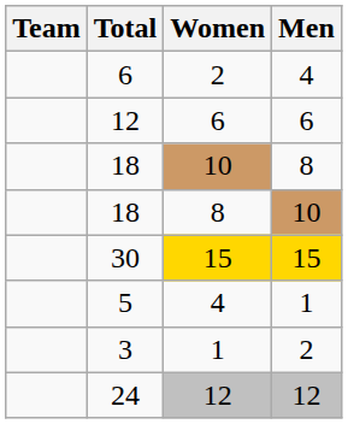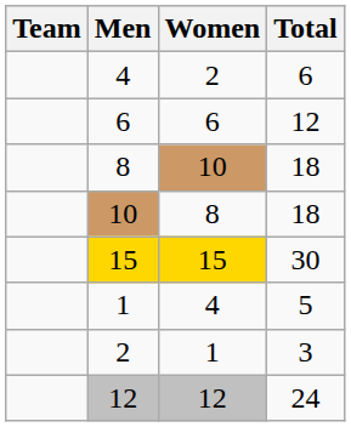 <table class="wikitable sortable" style="text-align:center">
 <tr>
 <th>Team</th>
+<th>Men</th>
+<th>Women</th>
 <th>Total</th>
-<th>Women</th>
-<th>Men</th>
+</tr>
+<tr>
+<td align=left></td>
+<td>4</td>
+<td>2</td>
+<td>6</td>
 </tr>
 <tr>
 <td align=left></td>
 <td>6</td>
-<td>2</td>
-<td>4</td>
+<td>6</td>
+<td>12</td>
 </tr>
 <tr>
 <td align=left></td>
-<td>12</td>
-<td>6</td>
-<td>6</td>
+<td>8</td>
+<td bgcolor=#CC9966>10</td>
+<td>18</td>
 </tr>
 <tr>
 <td align=left></td>
-<td>18</td>
 <td bgcolor=#CC9966>10</td>
 <td>8</td>
+<td>18</td>
 </tr>
 <tr>
 <td align=left></td>
-<td>18</td>
-<td>8</td>
-<td bgcolor=#CC9966>10</td>
+<td bgcolor=gold>15</td>
+<td bgcolor=gold>15</td>
+<td>30</td>
 </tr>
 <tr>
 <td align=left></td>
-<td>30</td>
-<td bgcolor=gold>15</td>
-<td bgcolor=gold>15</td>
+<td>1</td>
+<td>4</td>
+<td>5</td>
 </tr>
 <tr>
 <td align=left></td>
-<td>5</td>
-<td>4</td>
+<td>2</td>
 <td>1</td>
+<td>3</td>
 </tr>
 <tr>
 <td align=left></td>
-<td>3</td>
-<td>1</td>
-<td>2</td>
-</tr>
-<tr>
-<td align=left></td>
-<td>24</td>
 <td bgcolor=silver>12</td>
 <td bgcolor=silver>12</td>
+<td>24</td>
 </tr>
 </table>
